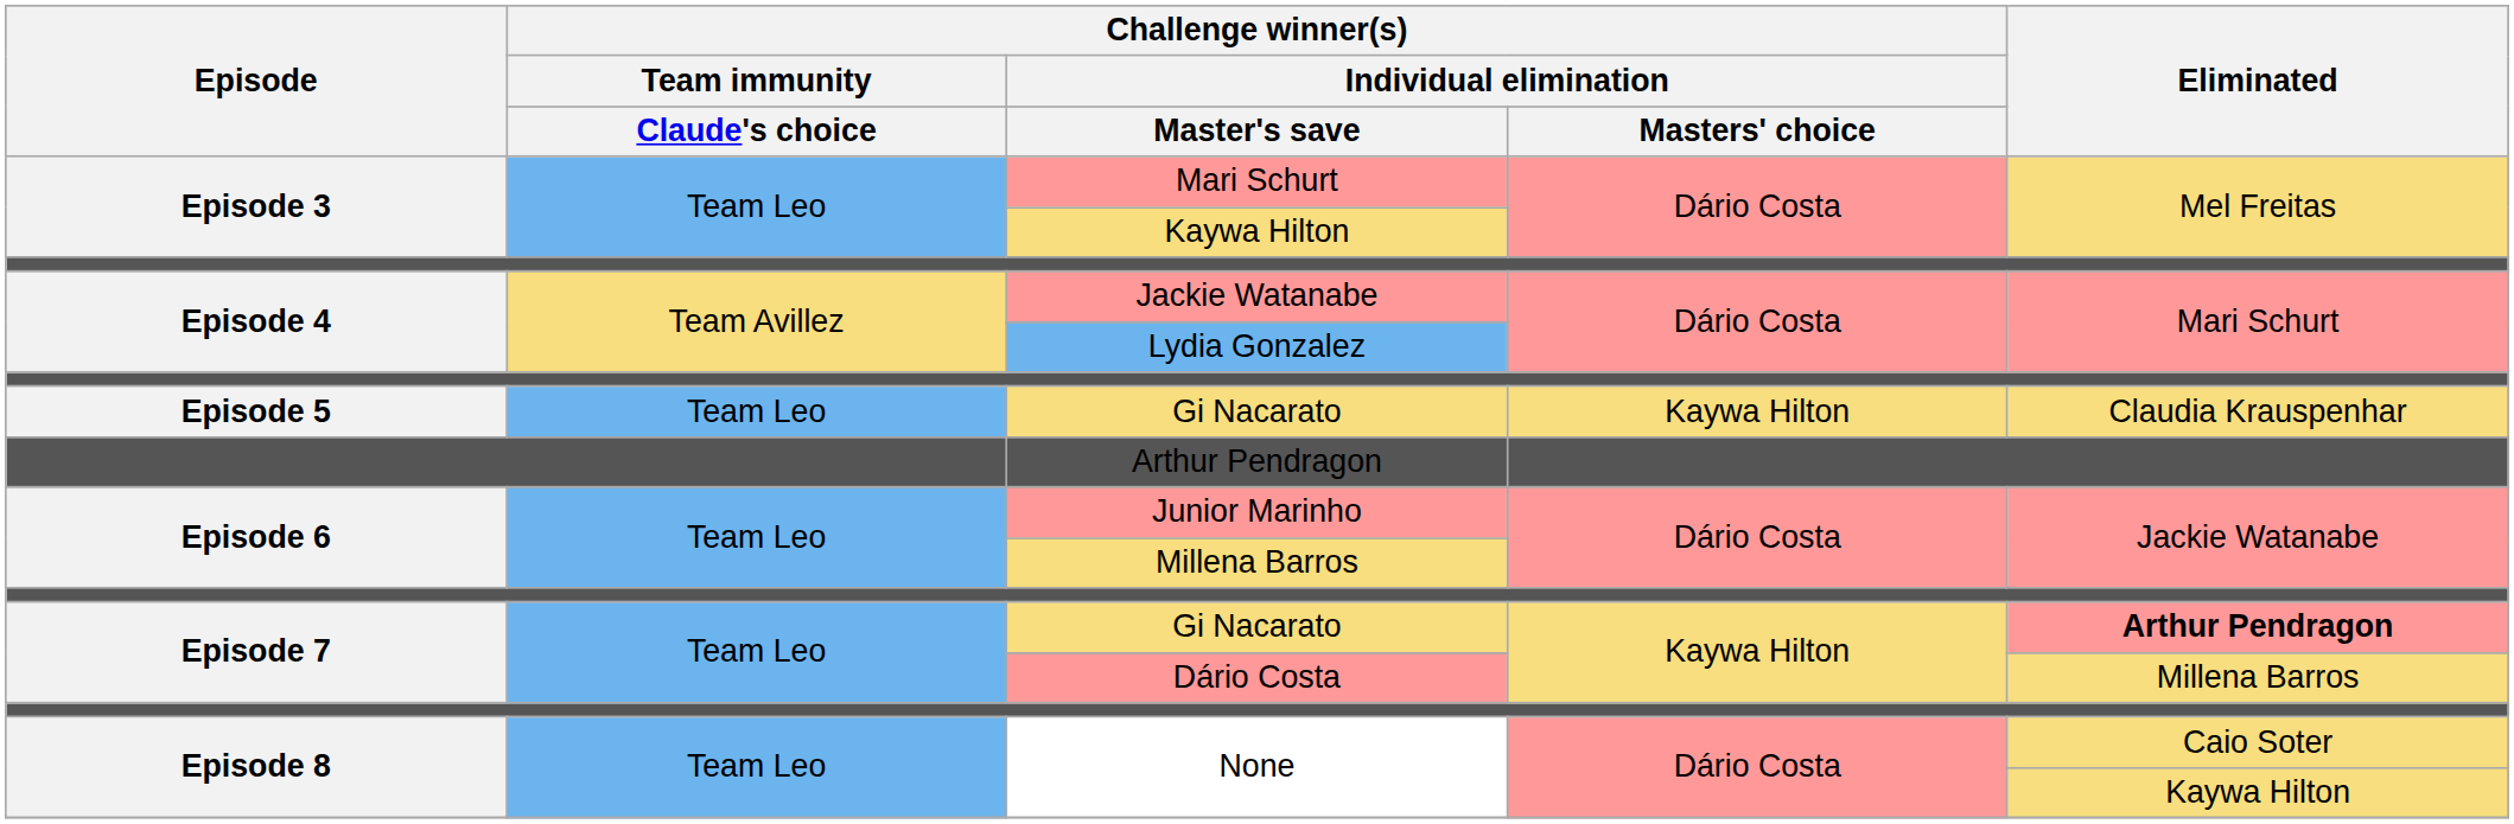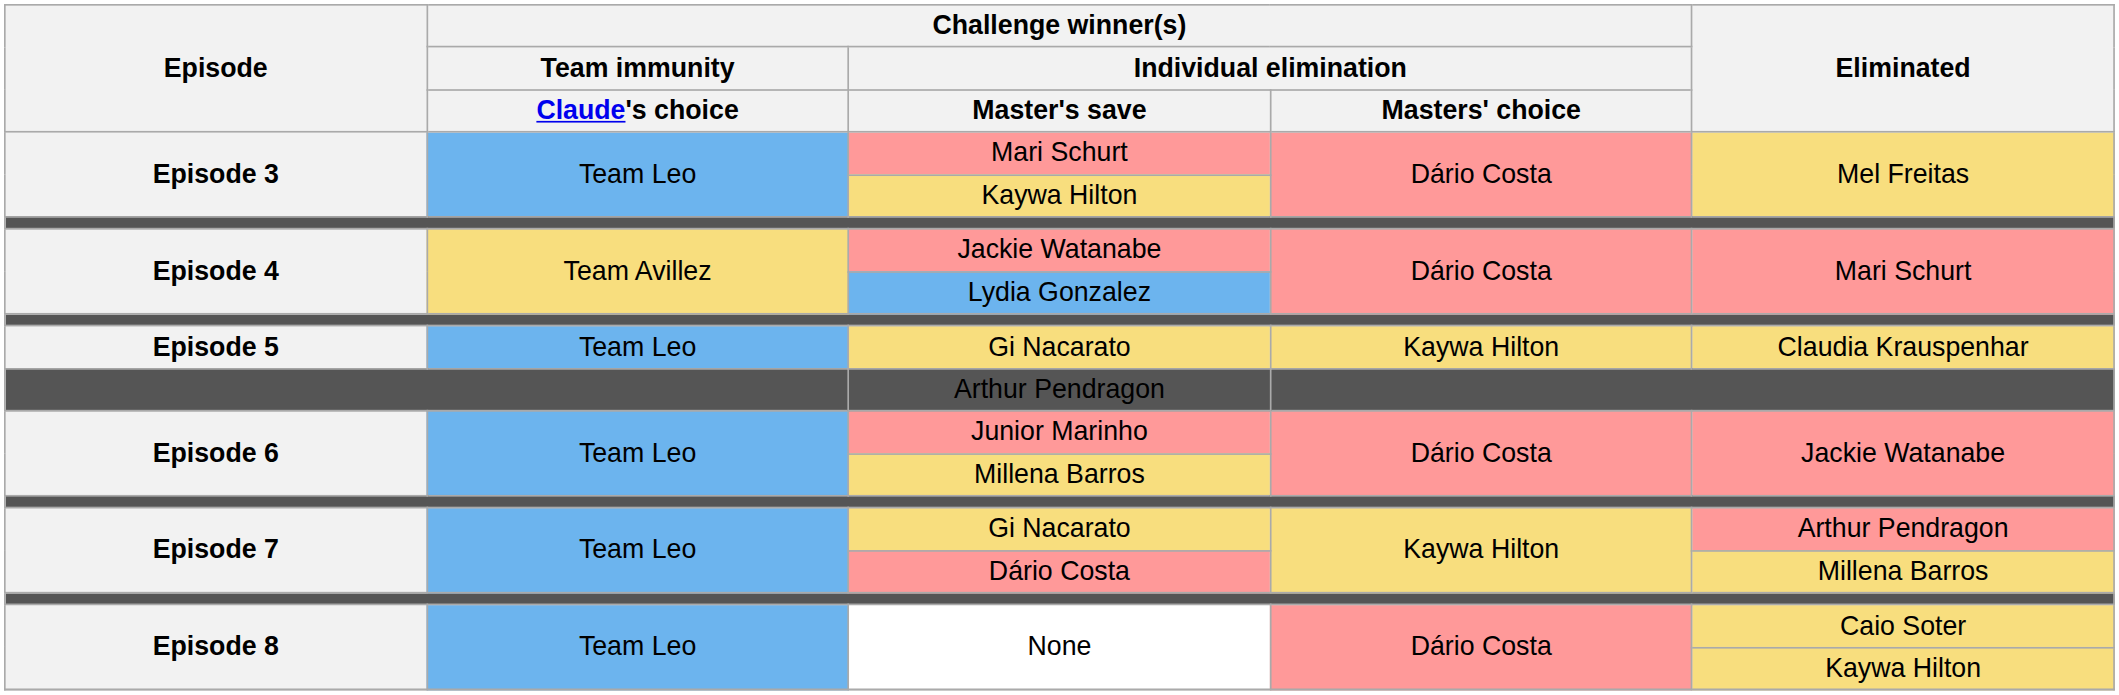 <table class="wikitable" style="text-align:center; width:100%;">
 <tr>
 <th scope="col" width="20.0%" rowspan=3>Episode</th>
 <th scope="col" width="60.0%" colspan=3>Challenge winner(s)</th>
 <th scope="col" width="20.0%" rowspan=3>Eliminated</th>
 </tr>
 <tr>
 <th scope="col" width="20.0%" colspan=1>Team immunity</th>
 <th scope="col" width="40.0%" colspan=2>Individual elimination</th>
 </tr>
 <tr>
 <th scope="col" width="20.0%"><a href='#'>Claude</a>'s choice</th>
 <th scope="col" width="20.0%">Master's save</th>
 <th scope="col" width="20.0%">Masters' choice</th>
 </tr>
 <tr>
 <th rowspan=2>Episode 3<br></th>
 <td rowspan=2 bgcolor=6CB4EE>Team Leo</td>
 <td bgcolor=FF9999>Mari Schurt</td>
 <td rowspan=2 bgcolor=FF9999>Dário Costa</td>
 <td rowspan=2 bgcolor=F8DE7E>Mel Freitas</td>
 </tr>
 <tr>
 <td bgcolor=F8DE7E>Kaywa Hilton</td>
 </tr>
 <tr>
 <td colspan=5 bgcolor=555555></td>
 </tr>
 <tr>
 <th rowspan=2>Episode 4<br></th>
 <td rowspan=2 bgcolor=F8DE7E>Team Avillez</td>
 <td bgcolor=FF9999>Jackie Watanabe</td>
 <td rowspan=2 bgcolor=FF9999>Dário Costa</td>
 <td rowspan=2 bgcolor=FF9999>Mari Schurt</td>
 </tr>
 <tr>
 <td bgcolor=6CB4EE>Lydia Gonzalez</td>
 </tr>
 <tr>
 <td colspan=5 bgcolor=555555></td>
 </tr>
 <tr>
 <th rowspan=2>Episode 5<br></th>
 <td rowspan=2 bgcolor=6CB4EE>Team Leo</td>
 <td bgcolor=F8DE7E>Gi Nacarato</td>
 <td rowspan=2 bgcolor=F8DE7E>Kaywa Hilton</td>
 <td rowspan=2 bgcolor=F8DE7E>Claudia Krauspenhar</td>
 </tr>
 <tr>
 <td rowspan=2 bgcolor=FF9999>Arthur Pendragon</td>
 </tr>
 <tr>
 <td colspan=5 bgcolor=555555></td>
 </tr>
 <tr>
 <th rowspan=2>Episode 6<br></th>
 <td rowspan=2 bgcolor=6CB4EE>Team Leo</td>
 <td bgcolor=FF9999>Junior Marinho</td>
 <td rowspan=2 bgcolor=FF9999>Dário Costa</td>
 <td rowspan=2 bgcolor=FF9999>Jackie Watanabe</td>
 </tr>
 <tr>
 <td bgcolor=F8DE7E>Millena Barros</td>
 </tr>
 <tr>
 <td colspan=5 bgcolor=555555></td>
 </tr>
 <tr>
 <th rowspan=2>Episode 7<br></th>
 <td rowspan=2 bgcolor=6CB4EE>Team Leo</td>
 <td bgcolor=F8DE7E>Gi Nacarato</td>
 <td rowspan=2 bgcolor=F8DE7E>Kaywa Hilton</td>
-<td bgcolor=FF9999><strong>Arthur Pendragon</strong></td>
+<td bgcolor=FF9999>Arthur Pendragon</td>
 </tr>
 <tr>
 <td bgcolor=FF9999>Dário Costa</td>
 <td bgcolor=F8DE7E>Millena Barros</td>
 </tr>
 <tr>
 <td colspan=5 bgcolor=555555></td>
 </tr>
 <tr>
 <th rowspan=2>Episode 8<br></th>
 <td rowspan=2 bgcolor=6CB4EE>Team Leo</td>
 <td rowspan=2 bgcolor=FFFFFF>None</td>
 <td rowspan=2 bgcolor=FF9999>Dário Costa</td>
 <td bgcolor=F8DE7E>Caio Soter</td>
 </tr>
 <tr>
 <td bgcolor=F8DE7E>Kaywa Hilton</td>
 </tr>
 <tr>
 </tr>
 </table>
